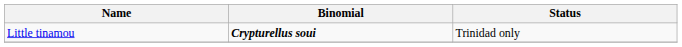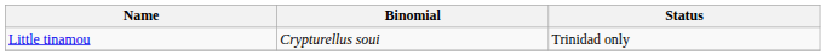 <table width=72% class="wikitable">
 <tr>
 <th width=24%>Name</th>
 <th width=24%>Binomial</th>
 <th width=24%>Status</th>
 </tr>
 <tr>
 <td><a href='#'>Little tinamou</a></td>
-<td><strong><em>Crypturellus soui</em></strong></td>
+<td><em>Crypturellus soui</em></td>
 <td>Trinidad only</td>
 </tr>
 <tr>
 </tr>
 </table>
